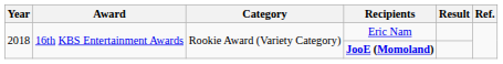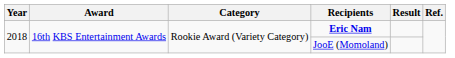 <table class=wikitable style=text-align:center>
 <tr>
 <th>Year</th>
 <th>Award</th>
 <th>Category</th>
 <th>Recipients</th>
 <th>Result</th>
 <th>Ref.</th>
 </tr>
 <tr>
 <td rowspan=2>2018</td>
 <td rowspan=2><a href='#'>16th</a> <a href='#'>KBS Entertainment Awards</a></td>
 <td rowspan=2>Rookie Award (Variety Category)</td>
-<td><a href='#'>Eric Nam</a></td>
+<td><strong><a href='#'>Eric Nam</a></strong></td>
 <td></td>
 <td rowspan=2></td>
 </tr>
 <tr>
-<td><strong><a href='#'>JooE</a> (<a href='#'>Momoland</a>)</strong></td>
+<td><a href='#'>JooE</a> (<a href='#'>Momoland</a>)</td>
 <td></td>
 </tr>
 </table>
